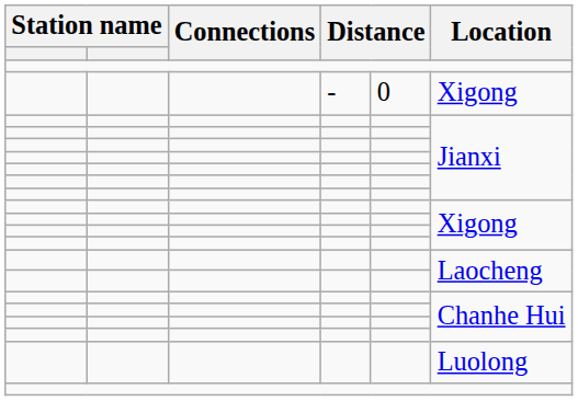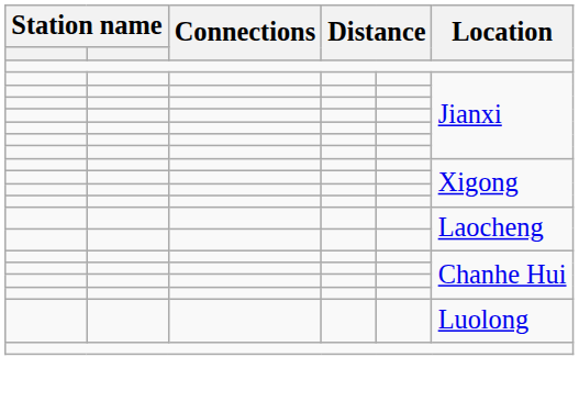 <table class="wikitable">
 <tr>
 <th colspan="2">Station name</th>
 <th rowspan="2">Connections</th>
 <th colspan="2" rowspan="2">Distance<br></th>
 <th rowspan="2">Location</th>
 </tr>
 <tr>
 <th></th>
 <th></th>
 </tr>
 <tr style="background:#">
 <td colspan = "6"></td>
-</tr>
-<tr>
-<td></td>
-<td></td>
-<td></td>
-<td>-</td>
-<td>0</td>
-<td><a href='#'>Xigong</a></td>
 </tr>
 <tr>
 <td></td>
 <td></td>
 <td></td>
 <td></td>
 <td></td>
 <td rowspan="7"><a href='#'>Jianxi</a></td>
 </tr>
 <tr>
 <td></td>
 <td></td>
 <td></td>
 <td></td>
 <td></td>
 </tr>
 <tr>
 <td></td>
 <td></td>
 <td></td>
 <td></td>
 <td></td>
 </tr>
 <tr>
 <td></td>
 <td></td>
 <td></td>
 <td></td>
 <td></td>
 </tr>
 <tr>
 <td></td>
 <td></td>
 <td></td>
 <td></td>
 <td></td>
 </tr>
 <tr>
 <td></td>
 <td></td>
 <td></td>
 <td></td>
 <td></td>
 </tr>
 <tr>
 <td></td>
 <td></td>
 <td></td>
 <td></td>
 <td></td>
 </tr>
 <tr>
 <td></td>
 <td></td>
 <td></td>
 <td></td>
 <td></td>
 <td rowspan="4"><a href='#'>Xigong</a></td>
 </tr>
 <tr>
 <td></td>
 <td></td>
 <td></td>
 <td></td>
 <td></td>
 </tr>
 <tr>
 <td></td>
 <td></td>
 <td></td>
 <td></td>
 <td></td>
 </tr>
 <tr>
 <td></td>
 <td></td>
 <td></td>
 <td></td>
 <td></td>
 </tr>
 <tr>
 <td></td>
 <td></td>
 <td></td>
 <td></td>
 <td></td>
 <td rowspan="2"><a href='#'>Laocheng</a></td>
 </tr>
 <tr>
 <td></td>
 <td></td>
 <td></td>
 <td></td>
 <td></td>
 </tr>
 <tr>
 <td></td>
 <td></td>
 <td></td>
 <td></td>
 <td></td>
 <td rowspan="4"><a href='#'>Chanhe Hui</a></td>
 </tr>
 <tr>
 <td></td>
 <td></td>
 <td></td>
 <td></td>
 <td></td>
 </tr>
 <tr>
 <td></td>
 <td></td>
 <td></td>
 <td></td>
 <td></td>
 </tr>
 <tr>
 <td></td>
 <td></td>
 <td></td>
 <td></td>
 <td></td>
 </tr>
 <tr>
 <td></td>
 <td></td>
 <td></td>
 <td></td>
 <td></td>
 <td><a href='#'>Luolong</a></td>
 </tr>
 <tr style="background:#">
 <td colspan = "6"></td>
 </tr>
 </table>
